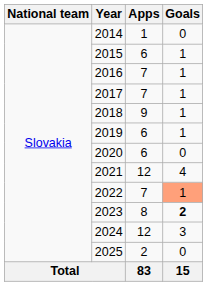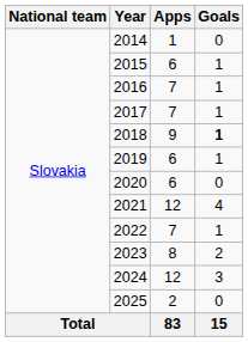 <table class="wikitable" style="text-align:center">
 <tr>
 <th>National team</th>
 <th>Year</th>
 <th>Apps</th>
 <th>Goals</th>
 </tr>
 <tr>
 <td rowspan="12"><a href='#'>Slovakia</a></td>
 <td>2014</td>
 <td>1</td>
 <td>0</td>
 </tr>
 <tr>
 <td>2015</td>
 <td>6</td>
 <td>1</td>
 </tr>
 <tr>
 <td>2016</td>
 <td>7</td>
 <td>1</td>
 </tr>
 <tr>
 <td>2017</td>
 <td>7</td>
 <td>1</td>
 </tr>
 <tr>
 <td>2018</td>
 <td>9</td>
-<td>1</td>
+<td><strong>1</strong></td>
 </tr>
 <tr>
 <td>2019</td>
 <td>6</td>
 <td>1</td>
 </tr>
 <tr>
 <td>2020</td>
 <td>6</td>
 <td>0</td>
 </tr>
 <tr>
 <td>2021</td>
 <td>12</td>
 <td>4</td>
 </tr>
 <tr>
 <td>2022</td>
 <td>7</td>
-<td style="background: lightsalmon;">1</td>
+<td>1</td>
 </tr>
 <tr>
 <td>2023</td>
 <td>8</td>
-<td><strong>2</strong></td>
+<td>2</td>
 </tr>
 <tr>
 <td>2024</td>
 <td>12</td>
 <td>3</td>
 </tr>
 <tr>
 <td>2025</td>
 <td>2</td>
 <td>0</td>
 </tr>
 <tr>
 <th colspan="2">Total</th>
 <th>83</th>
 <th>15</th>
 </tr>
 </table>
